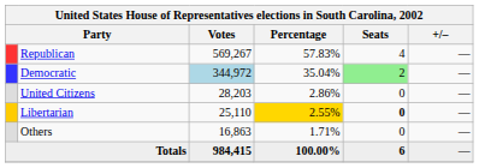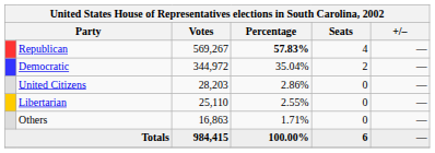 <table class="wikitable" style="font-size: 95%;">
 <tr>
 <th colspan="6">United States House of Representatives elections in South Carolina, 2002</th>
 </tr>
 <tr>
 <th colspan=2 style="width: 15em">Party</th>
 <th style="width: 5em">Votes</th>
 <th style="width: 7em">Percentage</th>
 <th style="width: 5em">Seats</th>
 <th style="width: 5em">+/–</th>
 </tr>
 <tr>
 <th style="background-color:#FF3333; width: 3px"></th>
 <td style="width: 130px"><a href='#'>Republican</a></td>
 <td align="right">569,267</td>
-<td align="right">57.83%</td>
+<td align="right"><strong>57.83%</strong></td>
 <td align="right">4</td>
 <td align="right">—</td>
 </tr>
 <tr>
 <th style="background-color:#3333FF; width: 3px"></th>
 <td style="width: 130px"><a href='#'>Democratic</a></td>
-<td align="right" style="background: lightblue;">344,972</td>
+<td align="right">344,972</td>
 <td align="right">35.04%</td>
-<td align="right" style="background: lightgreen;">2</td>
+<td align="right">2</td>
 <td align="right">—</td>
 </tr>
 <tr>
 <th style="background-color:#DDDDDD; width: 3px"></th>
 <td style="width: 130px"><a href='#'>United Citizens</a></td>
 <td align="right">28,203</td>
 <td align="right">2.86%</td>
 <td align="right">0</td>
 <td align="right">—</td>
 </tr>
 <tr>
 <th style="background-color:#FFCC00; width: 3px"></th>
 <td style="width: 130px"><a href='#'>Libertarian</a></td>
 <td align="right">25,110</td>
-<td align="right" style="background: gold;">2.55%</td>
-<td align="right"><strong>0</strong></td>
+<td align="right">2.55%</td>
+<td align="right">0</td>
 <td align="right">—</td>
 </tr>
 <tr>
 <th style="background-color:#DDDDDD; width: 3px"></th>
 <td style="width: 130px">Others</td>
 <td align="right">16,863</td>
 <td align="right">1.71%</td>
 <td align="right">0</td>
 <td align="right">—</td>
 </tr>
 <tr bgcolor="#EEEEEE">
 <td colspan="2" align="right"><strong>Totals</strong></td>
 <td align="right"><strong>984,415</strong></td>
 <td align="right"><strong>100.00%</strong></td>
 <td align="right"><strong>6</strong></td>
 <td align="right"><strong>—</strong></td>
 </tr>
 <tr bgcolor="#EEEEEE">
 </tr>
 </table>
